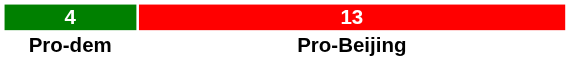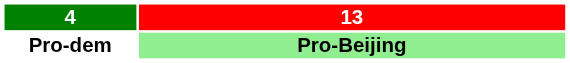 <table style="width:50%; text-align:center;">
 <tr style="color:white;">
 <td style="background:green; width:23.53%;"><strong>4</strong></td>
 <td style="background:red; width:76.47%;"><strong>13</strong></td>
 </tr>
 <tr>
 <td><span><strong>Pro-dem</strong></span></td>
-<td><span><strong>Pro-Beijing</strong></span></td>
+<td style="background: lightgreen;"><span><strong>Pro-Beijing</strong></span></td>
 </tr>
 </table>
